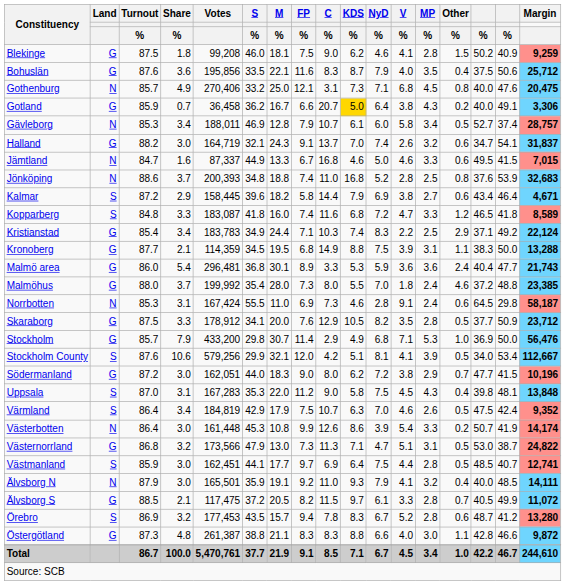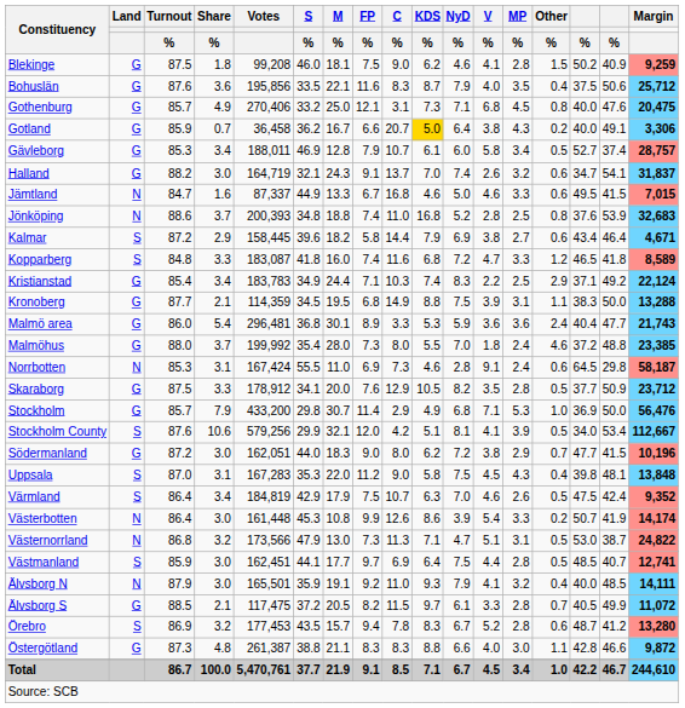 <table class="wikitable sortable" style="text-align:right; font-size:95%; line-height:20px;">
 <tr>
 <th rowspan="3">Constituency</th>
 <th>Land</th>
 <th>Turnout</th>
 <th>Share</th>
 <th>Votes</th>
 <th width="30px" class="unsortable"><a href='#'>S</a></th>
 <th width="30px" class="unsortable"><a href='#'>M</a></th>
 <th width="30px" class="unsortable"><a href='#'>FP</a></th>
 <th width="30px" class="unsortable"><a href='#'>C</a></th>
 <th width="30px" class="unsortable"><a href='#'>KDS</a></th>
 <th width="30px" class="unsortable"><a href='#'>NyD</a></th>
 <th width="30px" class="unsortable"><a href='#'>V</a></th>
 <th width="30px" class="unsortable"><a href='#'>MP</a></th>
 <th width="30px" class="unsortable">Other</th>
 <th></th>
 <th></th>
 <th>Margin</th>
 </tr>
 <tr>
 <th></th>
 <th></th>
 <th></th>
 <th></th>
 <th style="background:"></th>
 <th style="background:"></th>
 <th style="background:"></th>
 <th style="background:"></th>
 <th style="background:"></th>
 <th style="background:"></th>
 <th style="background:"></th>
 <th style="background:"></th>
 <th style="background:"></th>
 <th style="background:"></th>
 <th style="background:"></th>
 </tr>
 <tr>
 <th></th>
 <th data-sort-type="number">%</th>
 <th data-sort-type="number">%</th>
 <th></th>
 <th data-sort-type="number">%</th>
 <th data-sort-type="number">%</th>
 <th data-sort-type="number">%</th>
 <th data-sort-type="number">%</th>
 <th data-sort-type="number">%</th>
 <th data-sort-type="number">%</th>
 <th data-sort-type="number">%</th>
 <th data-sort-type="number">%</th>
 <th data-sort-type="number">%</th>
 <th data-sort-type="number">%</th>
 <th data-sort-type="number">%</th>
 <th data-sort-type="number"></th>
 </tr>
 <tr>
 <td align=left><a href='#'>Blekinge</a></td>
 <td><a href='#'>G</a></td>
 <td>87.5</td>
 <td>1.8</td>
 <td>99,208</td>
 <td>46.0</td>
 <td>18.1</td>
 <td>7.5</td>
 <td>9.0</td>
 <td>6.2</td>
 <td>4.6</td>
 <td>4.1</td>
 <td>2.8</td>
 <td>1.5</td>
 <td>50.2</td>
 <td>40.9</td>
 <td bgcolor=#ff908c><strong>9,259</strong></td>
 </tr>
 <tr>
 <td align=left><a href='#'>Bohuslän</a></td>
 <td><a href='#'>G</a></td>
 <td>87.6</td>
 <td>3.6</td>
 <td>195,856</td>
 <td>33.5</td>
 <td>22.1</td>
 <td>11.6</td>
 <td>8.3</td>
 <td>8.7</td>
 <td>7.9</td>
 <td>4.0</td>
 <td>3.5</td>
 <td>0.4</td>
 <td>37.5</td>
 <td>50.6</td>
 <td bgcolor=#6fd5fe><strong>25,712</strong></td>
 </tr>
 <tr>
 <td align=left><a href='#'>Gothenburg</a></td>
-<td><a href='#'>N</a></td>
+<td><a href='#'>G</a></td>
 <td>85.7</td>
 <td>4.9</td>
 <td>270,406</td>
 <td>33.2</td>
 <td>25.0</td>
 <td>12.1</td>
 <td>3.1</td>
 <td>7.3</td>
 <td>7.1</td>
 <td>6.8</td>
 <td>4.5</td>
 <td>0.8</td>
 <td>40.0</td>
 <td>47.6</td>
 <td bgcolor=#6fd5fe><strong>20,475</strong></td>
 </tr>
 <tr>
 <td align=left><a href='#'>Gotland</a></td>
 <td><a href='#'>G</a></td>
 <td>85.9</td>
 <td>0.7</td>
 <td>36,458</td>
 <td>36.2</td>
 <td>16.7</td>
 <td>6.6</td>
 <td>20.7</td>
 <td style="background: gold;">5.0</td>
 <td>6.4</td>
 <td>3.8</td>
 <td>4.3</td>
 <td>0.2</td>
 <td>40.0</td>
 <td>49.1</td>
 <td bgcolor=#6fd5fe><strong>3,306</strong></td>
 </tr>
 <tr>
 <td align=left><a href='#'>Gävleborg</a></td>
-<td><a href='#'>N</a></td>
+<td><a href='#'>G</a></td>
 <td>85.3</td>
 <td>3.4</td>
 <td>188,011</td>
 <td>46.9</td>
 <td>12.8</td>
 <td>7.9</td>
 <td>10.7</td>
 <td>6.1</td>
 <td>6.0</td>
 <td>5.8</td>
 <td>3.4</td>
 <td>0.5</td>
 <td>52.7</td>
 <td>37.4</td>
 <td bgcolor=#ff908c><strong>28,757</strong></td>
 </tr>
 <tr>
 <td align=left><a href='#'>Halland</a></td>
 <td><a href='#'>G</a></td>
 <td>88.2</td>
 <td>3.0</td>
 <td>164,719</td>
 <td>32.1</td>
 <td>24.3</td>
 <td>9.1</td>
 <td>13.7</td>
 <td>7.0</td>
 <td>7.4</td>
 <td>2.6</td>
 <td>3.2</td>
 <td>0.6</td>
 <td>34.7</td>
 <td>54.1</td>
 <td bgcolor=#6fd5fe><strong>31,837</strong></td>
 </tr>
 <tr>
 <td align=left><a href='#'>Jämtland</a></td>
 <td><a href='#'>N</a></td>
 <td>84.7</td>
 <td>1.6</td>
 <td>87,337</td>
 <td>44.9</td>
 <td>13.3</td>
 <td>6.7</td>
 <td>16.8</td>
 <td>4.6</td>
 <td>5.0</td>
 <td>4.6</td>
 <td>3.3</td>
 <td>0.6</td>
 <td>49.5</td>
 <td>41.5</td>
 <td bgcolor=#ff908c><strong>7,015</strong></td>
 </tr>
 <tr>
 <td align=left><a href='#'>Jönköping</a></td>
 <td><a href='#'>N</a></td>
 <td>88.6</td>
 <td>3.7</td>
 <td>200,393</td>
 <td>34.8</td>
 <td>18.8</td>
 <td>7.4</td>
 <td>11.0</td>
 <td>16.8</td>
 <td>5.2</td>
 <td>2.8</td>
 <td>2.5</td>
 <td>0.8</td>
 <td>37.6</td>
 <td>53.9</td>
 <td bgcolor=#6fd5fe><strong>32,683</strong></td>
 </tr>
 <tr>
 <td align=left><a href='#'>Kalmar</a></td>
 <td><a href='#'>S</a></td>
 <td>87.2</td>
 <td>2.9</td>
 <td>158,445</td>
 <td>39.6</td>
 <td>18.2</td>
 <td>5.8</td>
 <td>14.4</td>
 <td>7.9</td>
 <td>6.9</td>
 <td>3.8</td>
 <td>2.7</td>
 <td>0.6</td>
 <td>43.4</td>
 <td>46.4</td>
 <td bgcolor=#6fd5fe><strong>4,671</strong></td>
 </tr>
 <tr>
 <td align=left><a href='#'>Kopparberg</a></td>
 <td><a href='#'>S</a></td>
 <td>84.8</td>
 <td>3.3</td>
 <td>183,087</td>
 <td>41.8</td>
 <td>16.0</td>
 <td>7.4</td>
 <td>11.6</td>
 <td>6.8</td>
 <td>7.2</td>
 <td>4.7</td>
 <td>3.3</td>
 <td>1.2</td>
 <td>46.5</td>
 <td>41.8</td>
 <td bgcolor=#ff908c><strong>8,589</strong></td>
 </tr>
 <tr>
 <td align=left><a href='#'>Kristianstad</a></td>
 <td><a href='#'>G</a></td>
 <td>85.4</td>
 <td>3.4</td>
 <td>183,783</td>
 <td>34.9</td>
 <td>24.4</td>
 <td>7.1</td>
 <td>10.3</td>
 <td>7.4</td>
 <td>8.3</td>
 <td>2.2</td>
 <td>2.5</td>
 <td>2.9</td>
 <td>37.1</td>
 <td>49.2</td>
 <td bgcolor=#6fd5fe><strong>22,124</strong></td>
 </tr>
 <tr>
 <td align=left><a href='#'>Kronoberg</a></td>
 <td><a href='#'>G</a></td>
 <td>87.7</td>
 <td>2.1</td>
 <td>114,359</td>
 <td>34.5</td>
 <td>19.5</td>
 <td>6.8</td>
 <td>14.9</td>
 <td>8.8</td>
 <td>7.5</td>
 <td>3.9</td>
 <td>3.1</td>
 <td>1.1</td>
 <td>38.3</td>
 <td>50.0</td>
 <td bgcolor=#6fd5fe><strong>13,288</strong></td>
 </tr>
 <tr>
 <td align=left><a href='#'>Malmö area</a></td>
 <td><a href='#'>G</a></td>
 <td>86.0</td>
 <td>5.4</td>
 <td>296,481</td>
 <td>36.8</td>
 <td>30.1</td>
 <td>8.9</td>
 <td>3.3</td>
 <td>5.3</td>
 <td>5.9</td>
 <td>3.6</td>
 <td>3.6</td>
 <td>2.4</td>
 <td>40.4</td>
 <td>47.7</td>
 <td bgcolor=#6fd5fe><strong>21,743</strong></td>
 </tr>
 <tr>
 <td align=left><a href='#'>Malmöhus</a></td>
 <td><a href='#'>G</a></td>
 <td>88.0</td>
 <td>3.7</td>
 <td>199,992</td>
 <td>35.4</td>
 <td>28.0</td>
 <td>7.3</td>
 <td>8.0</td>
 <td>5.5</td>
 <td>7.0</td>
 <td>1.8</td>
 <td>2.4</td>
 <td>4.6</td>
 <td>37.2</td>
 <td>48.8</td>
 <td bgcolor=#6fd5fe><strong>23,385</strong></td>
 </tr>
 <tr>
 <td align=left><a href='#'>Norrbotten</a></td>
 <td><a href='#'>N</a></td>
 <td>85.3</td>
 <td>3.1</td>
 <td>167,424</td>
 <td>55.5</td>
 <td>11.0</td>
 <td>6.9</td>
 <td>7.3</td>
 <td>4.6</td>
 <td>2.8</td>
 <td>9.1</td>
 <td>2.4</td>
 <td>0.6</td>
 <td>64.5</td>
 <td>29.8</td>
 <td bgcolor=#ff908c><strong>58,187</strong></td>
 </tr>
 <tr>
 <td align=left><a href='#'>Skaraborg</a></td>
 <td><a href='#'>G</a></td>
 <td>87.5</td>
 <td>3.3</td>
 <td>178,912</td>
 <td>34.1</td>
 <td>20.0</td>
 <td>7.6</td>
 <td>12.9</td>
 <td>10.5</td>
 <td>8.2</td>
 <td>3.5</td>
 <td>2.8</td>
 <td>0.5</td>
 <td>37.7</td>
 <td>50.9</td>
 <td bgcolor=#6fd5fe><strong>23,712</strong></td>
 </tr>
 <tr>
 <td align=left><a href='#'>Stockholm</a></td>
 <td><a href='#'>G</a></td>
 <td>85.7</td>
 <td>7.9</td>
 <td>433,200</td>
 <td>29.8</td>
 <td>30.7</td>
 <td>11.4</td>
 <td>2.9</td>
 <td>4.9</td>
 <td>6.8</td>
 <td>7.1</td>
 <td>5.3</td>
 <td>1.0</td>
 <td>36.9</td>
 <td>50.0</td>
 <td bgcolor=#6fd5fe><strong>56,476</strong></td>
 </tr>
 <tr>
 <td align=left><a href='#'>Stockholm County</a></td>
 <td><a href='#'>S</a></td>
 <td>87.6</td>
 <td>10.6</td>
 <td>579,256</td>
 <td>29.9</td>
 <td>32.1</td>
 <td>12.0</td>
 <td>4.2</td>
 <td>5.1</td>
 <td>8.1</td>
 <td>4.1</td>
 <td>3.9</td>
 <td>0.5</td>
 <td>34.0</td>
 <td>53.4</td>
 <td bgcolor=#6fd5fe><strong>112,667</strong></td>
 </tr>
 <tr>
 <td align=left><a href='#'>Södermanland</a></td>
 <td><a href='#'>G</a></td>
 <td>87.2</td>
 <td>3.0</td>
 <td>162,051</td>
 <td>44.0</td>
 <td>18.3</td>
 <td>9.0</td>
 <td>8.0</td>
 <td>6.2</td>
 <td>7.2</td>
 <td>3.8</td>
 <td>2.9</td>
 <td>0.7</td>
 <td>47.7</td>
 <td>41.5</td>
 <td bgcolor=#ff908c><strong>10,196</strong></td>
 </tr>
 <tr>
 <td align=left><a href='#'>Uppsala</a></td>
 <td><a href='#'>S</a></td>
 <td>87.0</td>
 <td>3.1</td>
 <td>167,283</td>
 <td>35.3</td>
 <td>22.0</td>
 <td>11.2</td>
 <td>9.0</td>
 <td>5.8</td>
 <td>7.5</td>
 <td>4.5</td>
 <td>4.3</td>
 <td>0.4</td>
 <td>39.8</td>
 <td>48.1</td>
 <td bgcolor=#6fd5fe><strong>13,848</strong></td>
 </tr>
 <tr>
 <td align=left><a href='#'>Värmland</a></td>
 <td><a href='#'>S</a></td>
 <td>86.4</td>
 <td>3.4</td>
 <td>184,819</td>
 <td>42.9</td>
 <td>17.9</td>
 <td>7.5</td>
 <td>10.7</td>
 <td>6.3</td>
 <td>7.0</td>
 <td>4.6</td>
 <td>2.6</td>
 <td>0.5</td>
 <td>47.5</td>
 <td>42.4</td>
 <td bgcolor=#ff908c><strong>9,352</strong></td>
 </tr>
 <tr>
 <td align=left><a href='#'>Västerbotten</a></td>
 <td><a href='#'>N</a></td>
 <td>86.4</td>
 <td>3.0</td>
 <td>161,448</td>
 <td>45.3</td>
 <td>10.8</td>
 <td>9.9</td>
 <td>12.6</td>
 <td>8.6</td>
 <td>3.9</td>
 <td>5.4</td>
 <td>3.3</td>
 <td>0.2</td>
 <td>50.7</td>
 <td>41.9</td>
 <td bgcolor=#ff908c><strong>14,174</strong></td>
 </tr>
 <tr>
 <td align=left><a href='#'>Västernorrland</a></td>
-<td><a href='#'>G</a></td>
+<td><a href='#'>N</a></td>
 <td>86.8</td>
 <td>3.2</td>
 <td>173,566</td>
 <td>47.9</td>
 <td>13.0</td>
 <td>7.3</td>
 <td>11.3</td>
 <td>7.1</td>
 <td>4.7</td>
 <td>5.1</td>
 <td>3.1</td>
 <td>0.5</td>
 <td>53.0</td>
 <td>38.7</td>
 <td bgcolor=#ff908c><strong>24,822</strong></td>
 </tr>
 <tr>
 <td align=left><a href='#'>Västmanland</a></td>
 <td><a href='#'>S</a></td>
 <td>85.9</td>
 <td>3.0</td>
 <td>162,451</td>
 <td>44.1</td>
 <td>17.7</td>
 <td>9.7</td>
 <td>6.9</td>
 <td>6.4</td>
 <td>7.5</td>
 <td>4.4</td>
 <td>2.8</td>
 <td>0.5</td>
 <td>48.5</td>
 <td>40.7</td>
 <td bgcolor=#ff908c><strong>12,741</strong></td>
 </tr>
 <tr>
 <td align=left><a href='#'>Älvsborg N</a></td>
 <td><a href='#'>N</a></td>
 <td>87.9</td>
 <td>3.0</td>
 <td>165,501</td>
 <td>35.9</td>
 <td>19.1</td>
 <td>9.2</td>
 <td>11.0</td>
 <td>9.3</td>
 <td>7.9</td>
 <td>4.1</td>
 <td>3.2</td>
 <td>0.4</td>
 <td>40.0</td>
 <td>48.5</td>
 <td bgcolor=#6fd5fe><strong>14,111</strong></td>
 </tr>
 <tr>
 <td align=left><a href='#'>Älvsborg S</a></td>
 <td><a href='#'>G</a></td>
 <td>88.5</td>
 <td>2.1</td>
 <td>117,475</td>
 <td>37.2</td>
 <td>20.5</td>
 <td>8.2</td>
 <td>11.5</td>
 <td>9.7</td>
 <td>6.1</td>
 <td>3.3</td>
 <td>2.8</td>
 <td>0.7</td>
 <td>40.5</td>
 <td>49.9</td>
 <td bgcolor=#6fd5fe><strong>11,072</strong></td>
 </tr>
 <tr>
 <td align=left><a href='#'>Örebro</a></td>
 <td><a href='#'>S</a></td>
 <td>86.9</td>
 <td>3.2</td>
 <td>177,453</td>
 <td>43.5</td>
 <td>15.7</td>
 <td>9.4</td>
 <td>7.8</td>
 <td>8.3</td>
 <td>6.7</td>
 <td>5.2</td>
 <td>2.8</td>
 <td>0.6</td>
 <td>48.7</td>
 <td>41.2</td>
 <td bgcolor=#ff908c><strong>13,280</strong></td>
 </tr>
 <tr>
 <td align=left><a href='#'>Östergötland</a></td>
 <td><a href='#'>G</a></td>
 <td>87.3</td>
 <td>4.8</td>
 <td>261,387</td>
 <td>38.8</td>
 <td>21.1</td>
 <td>8.3</td>
 <td>8.3</td>
 <td>8.8</td>
 <td>6.6</td>
 <td>4.0</td>
 <td>3.0</td>
 <td>1.1</td>
 <td>42.8</td>
 <td>46.6</td>
 <td bgcolor=#6fd5fe><strong>9,872</strong></td>
 </tr>
 <tr>
 </tr>
 <tr style="background:#CDCDCD;">
 <td align=left><strong>Total</strong></td>
 <td></td>
 <td><strong>86.7</strong></td>
 <td><strong>100.0</strong></td>
 <td><strong>5,470,761</strong></td>
 <td><strong>37.7</strong></td>
 <td><strong>21.9</strong></td>
 <td><strong>9.1</strong></td>
 <td><strong>8.5</strong></td>
 <td><strong>7.1</strong></td>
 <td><strong>6.7</strong></td>
 <td><strong>4.5</strong></td>
 <td><strong>3.4</strong></td>
 <td><strong>1.0</strong></td>
 <td><strong>42.2</strong></td>
 <td><strong>46.7</strong></td>
 <td bgcolor=#6fd5fe><strong>244,610</strong></td>
 </tr>
 <tr>
 <td align=left colspan=17>Source: SCB </td>
 </tr>
 </table>
